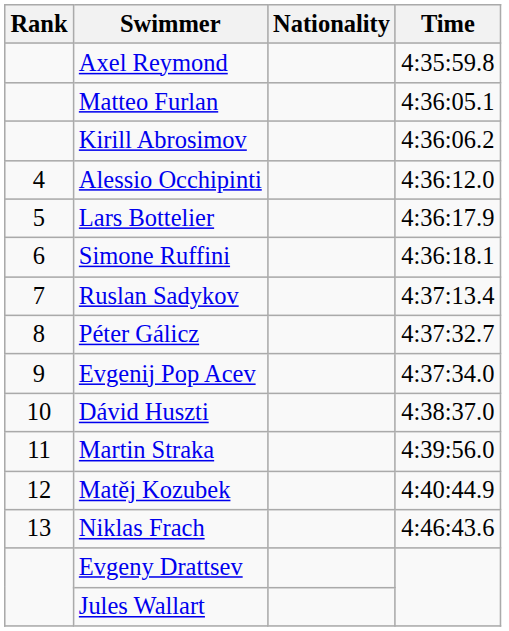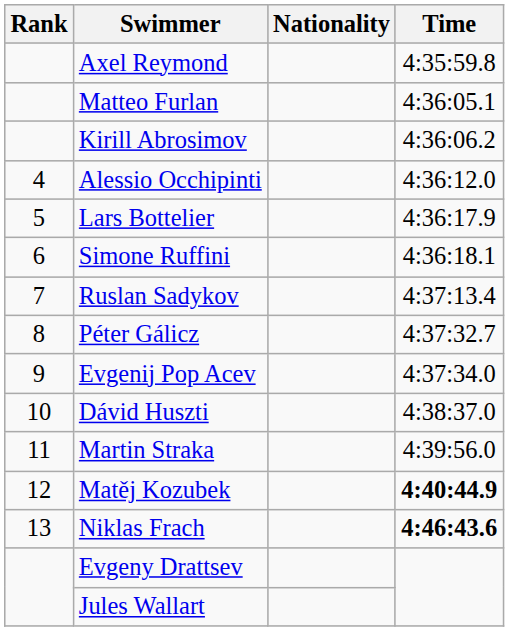 <table class="wikitable sortable" style="text-align:center">
 <tr>
 <th>Rank</th>
 <th>Swimmer</th>
 <th>Nationality</th>
 <th>Time</th>
 </tr>
 <tr>
 <td></td>
 <td align=left><a href='#'>Axel Reymond</a></td>
 <td align=left></td>
 <td>4:35:59.8</td>
 </tr>
 <tr>
 <td></td>
 <td align=left><a href='#'>Matteo Furlan</a></td>
 <td align=left></td>
 <td>4:36:05.1</td>
 </tr>
 <tr>
 <td></td>
 <td align=left><a href='#'>Kirill Abrosimov</a></td>
 <td align=left></td>
 <td>4:36:06.2</td>
 </tr>
 <tr>
 <td>4</td>
 <td align=left><a href='#'>Alessio Occhipinti</a></td>
 <td align=left></td>
 <td>4:36:12.0</td>
 </tr>
 <tr>
 <td>5</td>
 <td align=left><a href='#'>Lars Bottelier</a></td>
 <td align=left></td>
 <td>4:36:17.9</td>
 </tr>
 <tr>
 <td>6</td>
 <td align=left><a href='#'>Simone Ruffini</a></td>
 <td align=left></td>
 <td>4:36:18.1</td>
 </tr>
 <tr>
 <td>7</td>
 <td align=left><a href='#'>Ruslan Sadykov</a></td>
 <td align=left></td>
 <td>4:37:13.4</td>
 </tr>
 <tr>
 <td>8</td>
 <td align=left><a href='#'>Péter Gálicz</a></td>
 <td align=left></td>
 <td>4:37:32.7</td>
 </tr>
 <tr>
 <td>9</td>
 <td align=left><a href='#'>Evgenij Pop Acev</a></td>
 <td align=left></td>
 <td>4:37:34.0</td>
 </tr>
 <tr>
 <td>10</td>
 <td align=left><a href='#'>Dávid Huszti</a></td>
 <td align=left></td>
 <td>4:38:37.0</td>
 </tr>
 <tr>
 <td>11</td>
 <td align=left><a href='#'>Martin Straka</a></td>
 <td align=left></td>
 <td>4:39:56.0</td>
 </tr>
 <tr>
 <td>12</td>
 <td align=left><a href='#'>Matěj Kozubek</a></td>
 <td align=left></td>
-<td>4:40:44.9</td>
+<td><strong>4:40:44.9</strong></td>
 </tr>
 <tr>
 <td>13</td>
 <td align=left><a href='#'>Niklas Frach</a></td>
 <td align=left></td>
-<td>4:46:43.6</td>
+<td><strong>4:46:43.6</strong></td>
 </tr>
 <tr>
 <td rowspan=2></td>
 <td align=left><a href='#'>Evgeny Drattsev</a></td>
 <td align=left></td>
 <td rowspan=2></td>
 </tr>
 <tr>
 <td align=left><a href='#'>Jules Wallart</a></td>
 <td align=left></td>
 </tr>
 </table>
